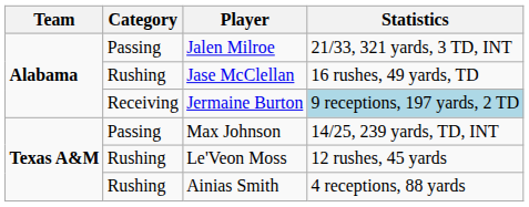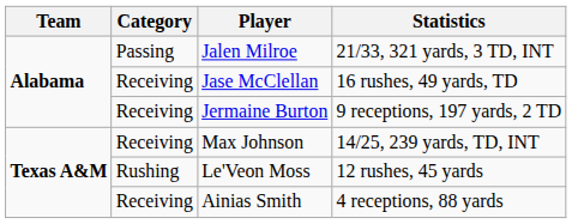 <table class="wikitable" style="float: right;">
 <tr>
 <th>Team</th>
 <th>Category</th>
 <th>Player</th>
 <th>Statistics</th>
 </tr>
 <tr>
 <td rowspan=3><strong>Alabama</strong></td>
 <td>Passing</td>
 <td><a href='#'>Jalen Milroe</a></td>
 <td>21/33, 321 yards, 3 TD, INT</td>
 </tr>
 <tr>
-<td>Rushing</td>
+<td>Receiving</td>
 <td><a href='#'>Jase McClellan</a></td>
 <td>16 rushes, 49 yards, TD</td>
 </tr>
 <tr>
 <td>Receiving</td>
 <td><a href='#'>Jermaine Burton</a></td>
-<td style="background: lightblue;">9 receptions, 197 yards, 2 TD</td>
+<td>9 receptions, 197 yards, 2 TD</td>
 </tr>
 <tr>
 <td rowspan=3><strong>Texas A&M</strong></td>
-<td>Passing</td>
+<td>Receiving</td>
 <td>Max Johnson</td>
 <td>14/25, 239 yards, TD, INT</td>
 </tr>
 <tr>
 <td>Rushing</td>
 <td>Le'Veon Moss</td>
 <td>12 rushes, 45 yards</td>
 </tr>
 <tr>
-<td>Rushing</td>
+<td>Receiving</td>
 <td>Ainias Smith</td>
 <td>4 receptions, 88 yards</td>
 </tr>
 </table>
